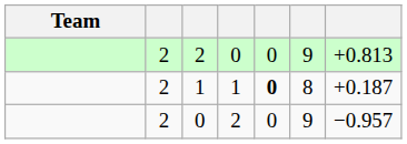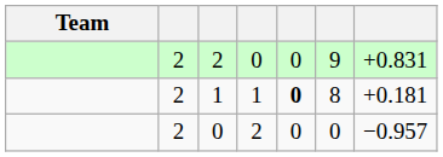 <table class="wikitable" style="text-align:center">
 <tr>
 <th style="width:100px;">Team</th>
 <th width="20"></th>
 <th width="20"></th>
 <th width="20"></th>
 <th width="20"></th>
 <th width="20"></th>
 <th width="50"><a href='#'></a></th>
 </tr>
 <tr style="background:#cfc;">
 <td align=left></td>
 <td>2</td>
 <td>2</td>
 <td>0</td>
 <td>0</td>
 <td>9</td>
-<td>+0.813</td>
+<td>+0.831</td>
 </tr>
 <tr>
 <td align=left></td>
 <td>2</td>
 <td>1</td>
 <td>1</td>
 <td><strong>0</strong></td>
 <td>8</td>
-<td>+0.187</td>
+<td>+0.181</td>
 </tr>
 <tr>
 <td align=left></td>
 <td>2</td>
 <td>0</td>
 <td>2</td>
 <td>0</td>
-<td>9</td>
+<td>0</td>
 <td>−0.957</td>
 </tr>
 </table>
